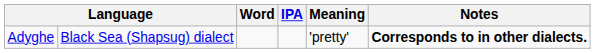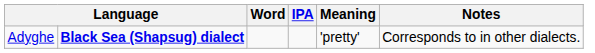 <table class="wikitable">
 <tr>
 <th colspan="2">Language</th>
 <th>Word</th>
 <th><a href='#'>IPA</a></th>
 <th>Meaning</th>
 <th>Notes</th>
 </tr>
 <tr>
 <td><a href='#'>Adyghe</a></td>
-<td><a href='#'>Black Sea (Shapsug) dialect</a></td>
+<td><strong><a href='#'>Black Sea (Shapsug) dialect</a></strong></td>
 <td></td>
 <td></td>
 <td>'pretty'</td>
-<td><strong>Corresponds to  in other dialects.</strong></td>
+<td>Corresponds to  in other dialects.</td>
 </tr>
 </table>
